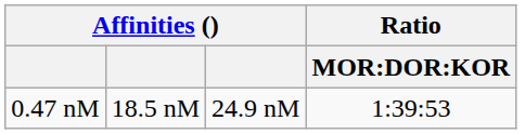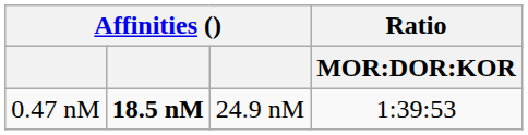 <table class="wikitable floatright" style="text-align: center;">
 <tr>
 <th colspan="3"><a href='#'>Affinities</a> ()</th>
 <th>Ratio</th>
 </tr>
 <tr>
 <th></th>
 <th></th>
 <th></th>
 <th>MOR:DOR:KOR</th>
 </tr>
 <tr>
 <td>0.47 nM</td>
-<td>18.5 nM</td>
+<td><strong>18.5 nM</strong></td>
 <td>24.9 nM</td>
 <td>1:39:53</td>
 </tr>
 </table>
